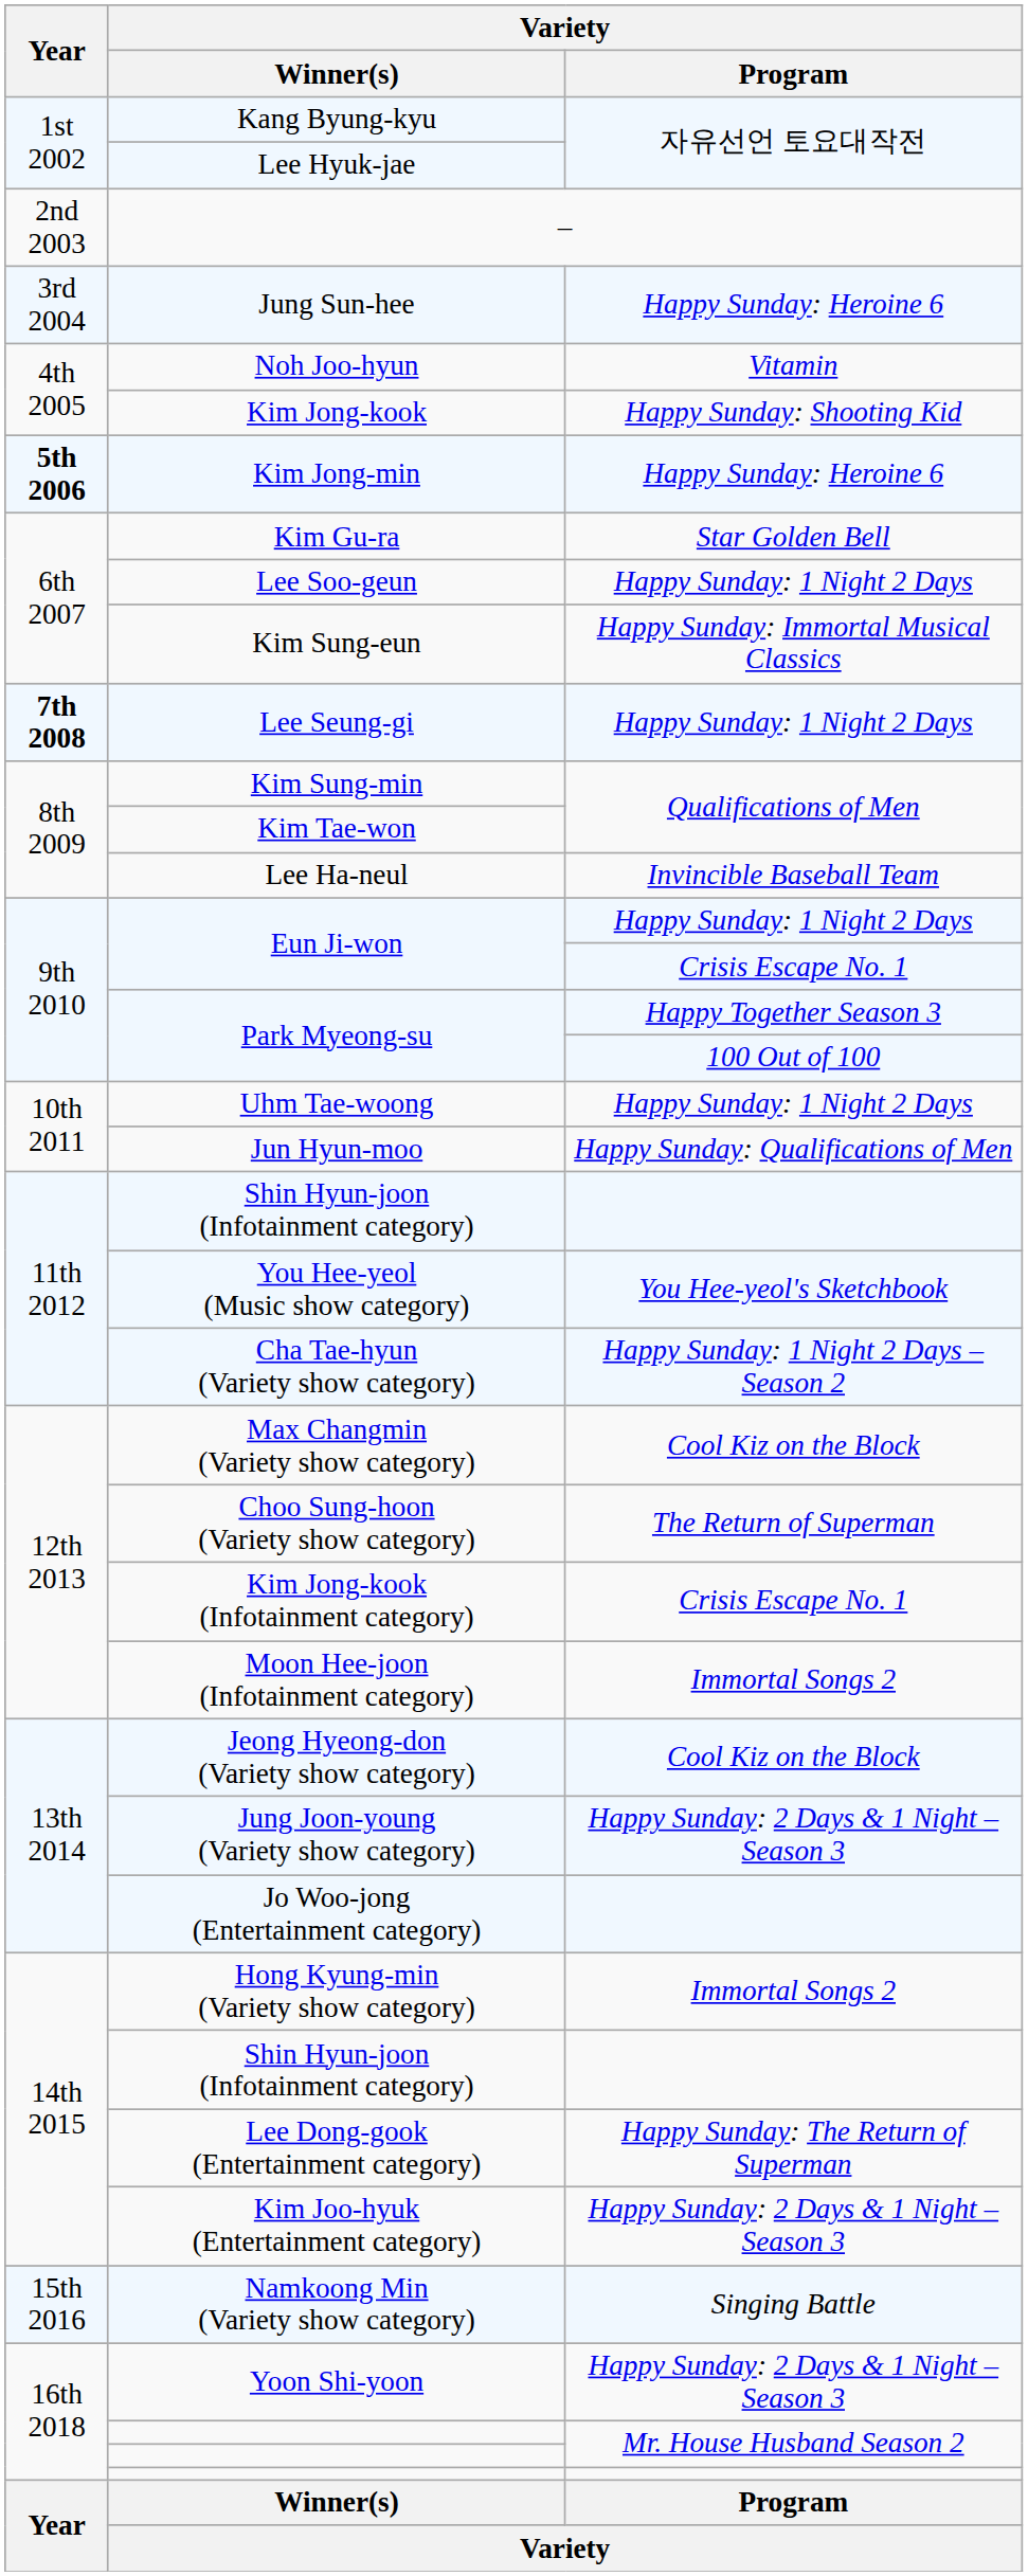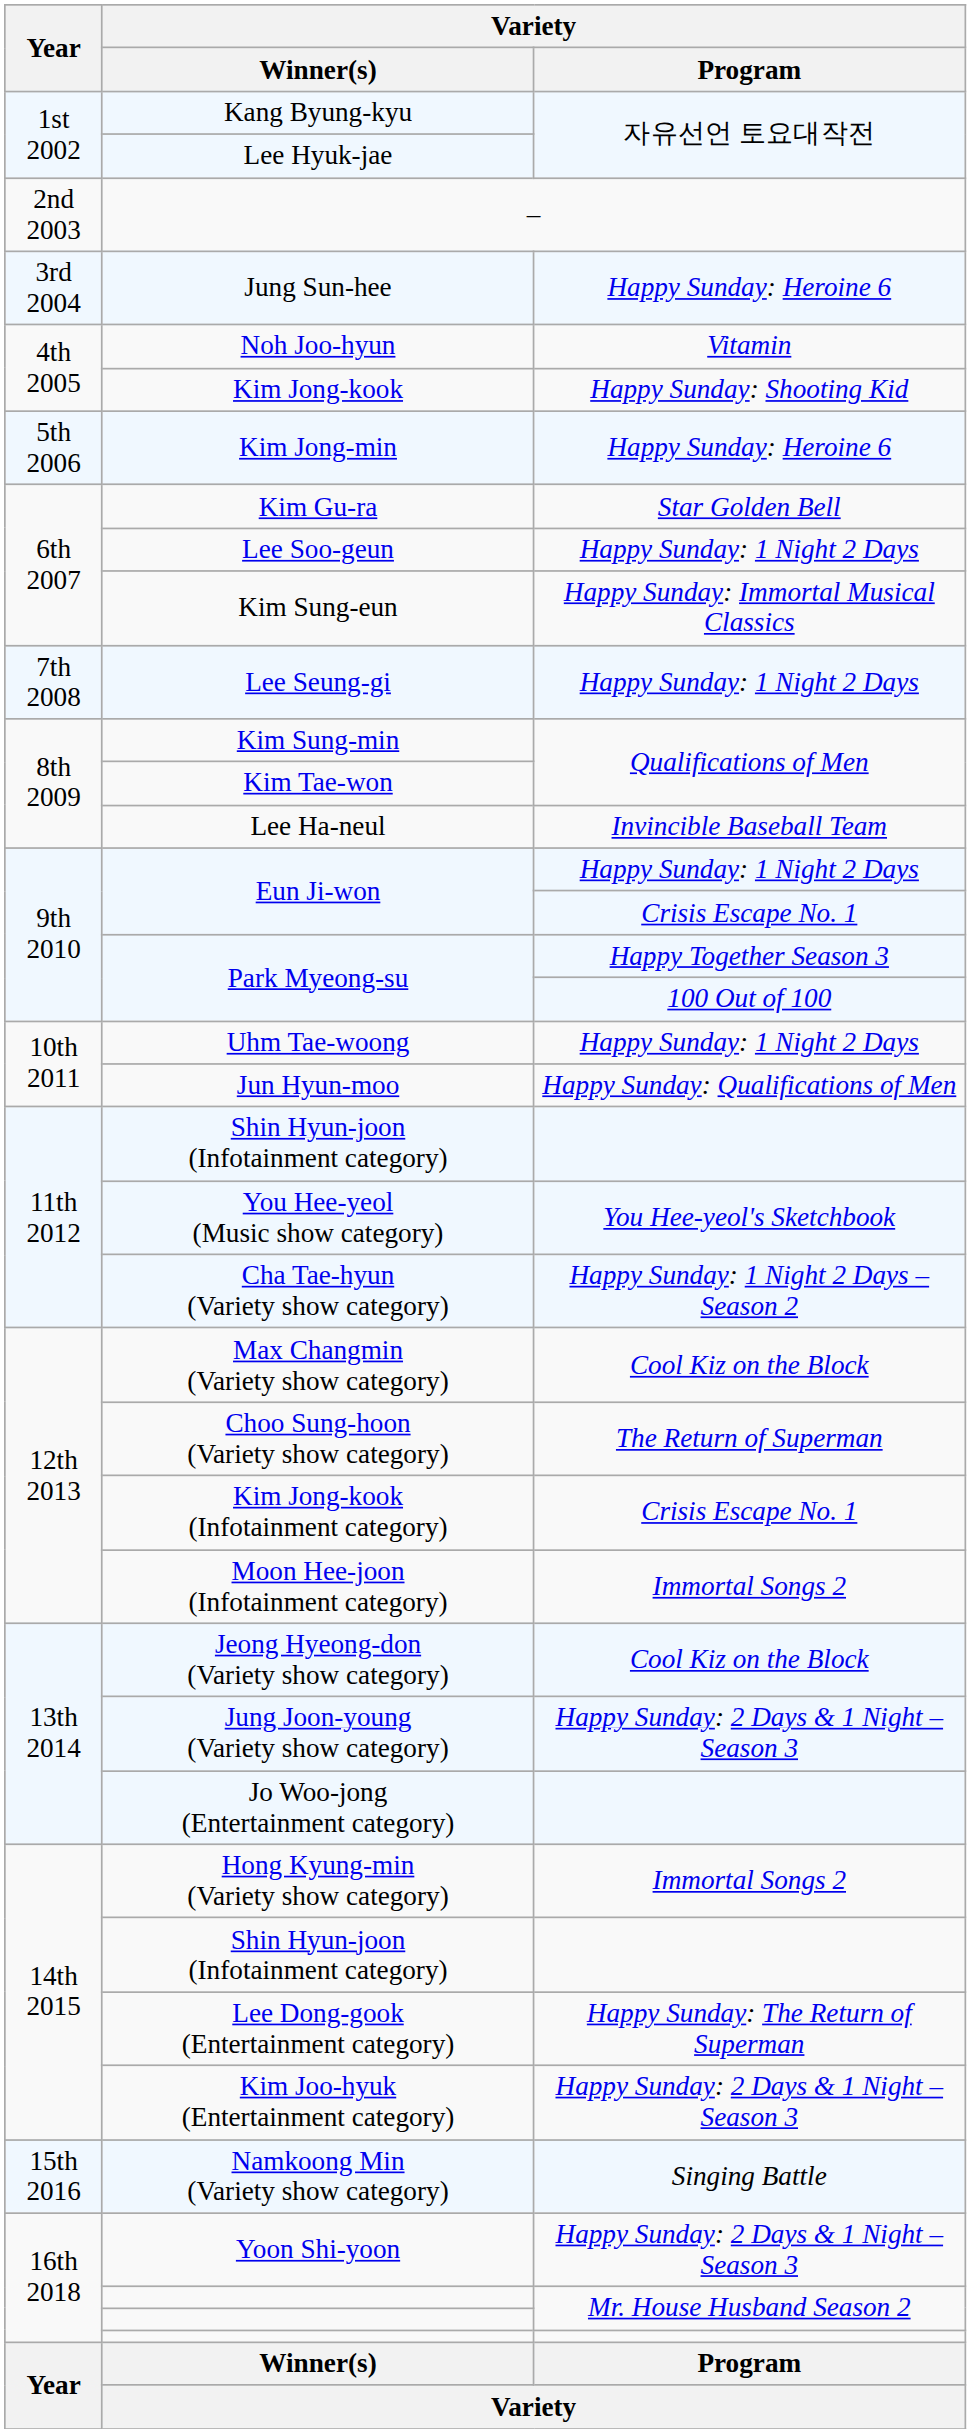 <table class="wikitable" style=text-align:center>
 <tr>
 <th style="width:50px" rowspan=2>Year</th>
 <th colspan=2 style="width:500px">Variety</th>
 </tr>
 <tr>
 <th>Winner(s)</th>
 <th>Program</th>
 </tr>
 <tr style="background:#F0F8FF">
 <td rowspan=2>1st<br> 2002</td>
 <td style="width:200px">Kang Byung-kyu</td>
 <td style="width:200px" rowspan=2>자유선언 토요대작전</td>
 </tr>
 <tr style="background:#F0F8FF">
 <td>Lee Hyuk-jae</td>
 </tr>
 <tr>
 <td>2nd<br> 2003</td>
 <td colspan=2>–</td>
 </tr>
 <tr style="background:#F0F8FF">
 <td>3rd<br> 2004</td>
 <td>Jung Sun-hee</td>
 <td><em><a href='#'>Happy Sunday</a>: <a href='#'>Heroine 6</a></em></td>
 </tr>
 <tr>
 <td rowspan=2>4th<br> 2005</td>
 <td><a href='#'>Noh Joo-hyun</a></td>
 <td><em><a href='#'>Vitamin</a></em></td>
 </tr>
 <tr>
 <td><a href='#'>Kim Jong-kook</a></td>
 <td><em><a href='#'>Happy Sunday</a>: <a href='#'>Shooting Kid</a></em></td>
 </tr>
 <tr style="background:#F0F8FF">
-<td><strong>5th<br> 2006</strong></td>
+<td>5th<br> 2006</td>
 <td><a href='#'>Kim Jong-min</a></td>
 <td><em><a href='#'>Happy Sunday</a>: <a href='#'>Heroine 6</a></em></td>
 </tr>
 <tr>
 <td rowspan=3>6th<br> 2007</td>
 <td><a href='#'>Kim Gu-ra</a></td>
 <td><em><a href='#'>Star Golden Bell</a></em></td>
 </tr>
 <tr>
 <td><a href='#'>Lee Soo-geun</a></td>
 <td><em><a href='#'>Happy Sunday</a>: <a href='#'>1 Night 2 Days</a></em></td>
 </tr>
 <tr>
 <td>Kim Sung-eun</td>
 <td><em><a href='#'>Happy Sunday</a>: <a href='#'>Immortal Musical Classics</a></em></td>
 </tr>
 <tr style="background:#F0F8FF">
-<td><strong>7th<br> 2008</strong></td>
+<td>7th<br> 2008</td>
 <td><a href='#'>Lee Seung-gi</a></td>
 <td><em><a href='#'>Happy Sunday</a>: <a href='#'>1 Night 2 Days</a></em></td>
 </tr>
 <tr>
 <td rowspan=3>8th<br> 2009</td>
 <td><a href='#'>Kim Sung-min</a></td>
 <td rowspan=2><em><a href='#'>Qualifications of Men</a></em></td>
 </tr>
 <tr>
 <td><a href='#'>Kim Tae-won</a></td>
 </tr>
 <tr>
 <td>Lee Ha-neul</td>
 <td><em><a href='#'>Invincible Baseball Team</a></em></td>
 </tr>
 <tr style="background:#F0F8FF">
 <td rowspan=4>9th<br> 2010</td>
 <td rowspan=2><a href='#'>Eun Ji-won</a></td>
 <td><em><a href='#'>Happy Sunday</a>: <a href='#'>1 Night 2 Days</a></em></td>
 </tr>
 <tr style="background:#F0F8FF">
 <td><em><a href='#'>Crisis Escape No. 1</a></em></td>
 </tr>
 <tr style="background:#F0F8FF">
 <td rowspan=2><a href='#'>Park Myeong-su</a></td>
 <td><em><a href='#'>Happy Together Season 3</a></em></td>
 </tr>
 <tr style="background:#F0F8FF">
 <td><em><a href='#'>100 Out of 100</a></em></td>
 </tr>
 <tr>
 <td rowspan=2>10th<br> 2011</td>
 <td><a href='#'>Uhm Tae-woong</a></td>
 <td><em><a href='#'>Happy Sunday</a>: <a href='#'>1 Night 2 Days</a></em></td>
 </tr>
 <tr>
 <td><a href='#'>Jun Hyun-moo</a></td>
 <td><em><a href='#'>Happy Sunday</a>: <a href='#'>Qualifications of Men</a></em></td>
 </tr>
 <tr style="background:#F0F8FF">
 <td rowspan=3>11th<br> 2012</td>
 <td><a href='#'>Shin Hyun-joon</a> <br> (Infotainment category)</td>
 <td><em></em></td>
 </tr>
 <tr style="background:#F0F8FF">
 <td><a href='#'>You Hee-yeol</a> <br> (Music show category)</td>
 <td><em><a href='#'>You Hee-yeol's Sketchbook</a></em></td>
 </tr>
 <tr style="background:#F0F8FF">
 <td><a href='#'>Cha Tae-hyun</a> <br> (Variety show category)</td>
 <td><em><a href='#'>Happy Sunday</a>: <a href='#'>1 Night 2 Days – Season 2</a></em></td>
 </tr>
 <tr>
 <td rowspan=4>12th<br> 2013</td>
 <td><a href='#'>Max Changmin</a> <br> (Variety show category)</td>
 <td><em><a href='#'>Cool Kiz on the Block</a></em></td>
 </tr>
 <tr>
 <td><a href='#'>Choo Sung-hoon</a> <br> (Variety show category)</td>
 <td><em><a href='#'>The Return of Superman</a></em></td>
 </tr>
 <tr>
 <td><a href='#'>Kim Jong-kook</a> <br> (Infotainment category)</td>
 <td><em><a href='#'>Crisis Escape No. 1</a></em></td>
 </tr>
 <tr>
 <td><a href='#'>Moon Hee-joon</a> <br> (Infotainment category)</td>
 <td><em><a href='#'>Immortal Songs 2</a></em></td>
 </tr>
 <tr style="background:#F0F8FF">
 <td rowspan=3>13th<br> 2014</td>
 <td><a href='#'>Jeong Hyeong-don</a> <br> (Variety show category)</td>
 <td><em><a href='#'>Cool Kiz on the Block</a></em></td>
 </tr>
 <tr style="background:#F0F8FF">
 <td><a href='#'>Jung Joon-young</a> <br> (Variety show category)</td>
 <td><em><a href='#'>Happy Sunday</a>: <a href='#'>2 Days & 1 Night – Season 3</a></em></td>
 </tr>
 <tr style="background:#F0F8FF">
 <td>Jo Woo-jong <br> (Entertainment category)</td>
 <td></td>
 </tr>
 <tr>
 <td rowspan=4>14th<br> 2015</td>
 <td><a href='#'>Hong Kyung-min</a> <br> (Variety show category)</td>
 <td><em><a href='#'>Immortal Songs 2</a></em></td>
 </tr>
 <tr>
 <td><a href='#'>Shin Hyun-joon</a> <br> (Infotainment category)</td>
 <td><em></em></td>
 </tr>
 <tr>
 <td><a href='#'>Lee Dong-gook</a> <br> (Entertainment category)</td>
 <td><em><a href='#'>Happy Sunday</a>: <a href='#'>The Return of Superman</a></em></td>
 </tr>
 <tr>
 <td><a href='#'>Kim Joo-hyuk</a> <br> (Entertainment category)</td>
 <td><em><a href='#'>Happy Sunday</a>: <a href='#'>2 Days & 1 Night – Season 3</a></em></td>
 </tr>
 <tr style="background:#F0F8FF">
 <td>15th<br> 2016</td>
 <td><a href='#'>Namkoong Min</a> <br> (Variety show category)</td>
 <td><em>Singing Battle</em></td>
 </tr>
 <tr>
 <td rowspan=4>16th<br> 2018</td>
 <td><a href='#'>Yoon Shi-yoon</a></td>
 <td><em><a href='#'>Happy Sunday</a>: <a href='#'>2 Days & 1 Night – Season 3</a></em></td>
 </tr>
 <tr>
 <td></td>
 <td rowspan="2"><em><a href='#'>Mr. House Husband Season 2</a></em></td>
 </tr>
 <tr>
 <td></td>
 </tr>
 <tr>
 <td></td>
 <td><em></em></td>
 </tr>
 <tr style="background:#F0F8FF">
 <th rowspan=2>Year</th>
 <th>Winner(s)</th>
 <th>Program</th>
 </tr>
 <tr>
 <th colspan=2>Variety</th>
 </tr>
 </table>
